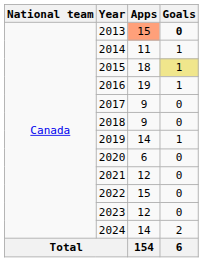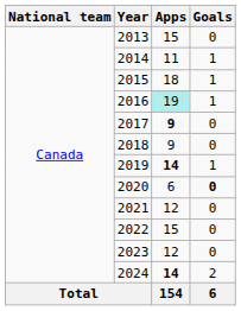 <table class="wikitable" style="text-align:center">
 <tr>
 <th>National team</th>
 <th>Year</th>
 <th>Apps</th>
 <th>Goals</th>
 </tr>
 <tr>
 <td rowspan="12"><a href='#'>Canada</a></td>
 <td>2013</td>
-<td style="background: lightsalmon;">15</td>
-<td><strong>0</strong></td>
+<td>15</td>
+<td>0</td>
 </tr>
 <tr>
 <td>2014</td>
 <td>11</td>
 <td>1</td>
 </tr>
 <tr>
 <td>2015</td>
 <td>18</td>
-<td style="background: khaki;">1</td>
+<td>1</td>
 </tr>
 <tr>
 <td>2016</td>
-<td>19</td>
+<td style="background: paleturquoise;">19</td>
 <td>1</td>
 </tr>
 <tr>
 <td>2017</td>
-<td>9</td>
+<td><strong>9</strong></td>
 <td>0</td>
 </tr>
 <tr>
 <td>2018</td>
 <td>9</td>
 <td>0</td>
 </tr>
 <tr>
 <td>2019</td>
-<td>14</td>
+<td><strong>14</strong></td>
 <td>1</td>
 </tr>
 <tr>
 <td>2020</td>
 <td>6</td>
-<td>0</td>
+<td><strong>0</strong></td>
 </tr>
 <tr>
 <td>2021</td>
 <td>12</td>
 <td>0</td>
 </tr>
 <tr>
 <td>2022</td>
 <td>15</td>
 <td>0</td>
 </tr>
 <tr>
 <td>2023</td>
 <td>12</td>
 <td>0</td>
 </tr>
 <tr>
 <td>2024</td>
-<td>14</td>
+<td><strong>14</strong></td>
 <td>2</td>
 </tr>
 <tr>
 <th colspan="2">Total</th>
 <th>154</th>
 <th>6</th>
 </tr>
 </table>
